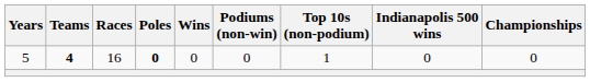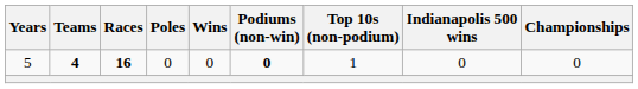 <table class="wikitable" style="text-align:center; font-size:95%">
 <tr>
 <th>Years</th>
 <th>Teams</th>
 <th>Races</th>
 <th>Poles</th>
 <th>Wins</th>
 <th>Podiums<br>(non-win)</th>
 <th>Top 10s<br>(non-podium)</th>
 <th>Indianapolis 500<br> wins</th>
 <th>Championships</th>
 </tr>
 <tr>
 <td>5</td>
 <td><strong>4</strong></td>
-<td>16</td>
-<td><strong>0</strong></td>
+<td><strong>16</strong></td>
 <td>0</td>
 <td>0</td>
+<td><strong>0</strong></td>
 <td>1</td>
 <td>0</td>
 <td>0</td>
 </tr>
 <tr>
 <th colspan="10"></th>
 </tr>
 </table>
